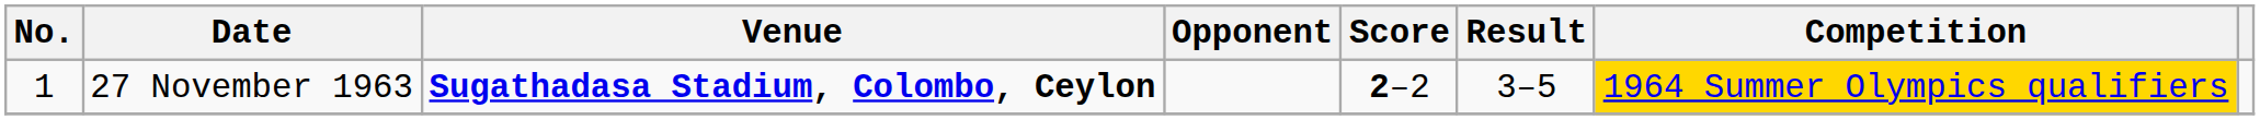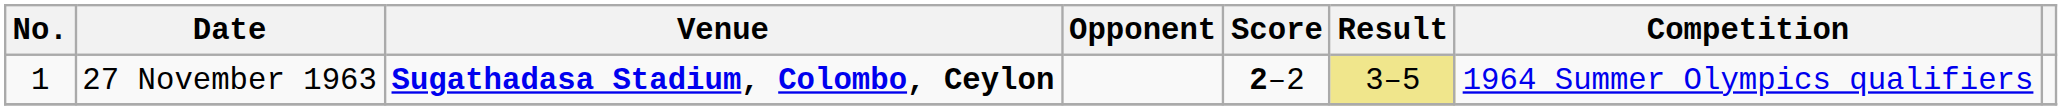 <table class="wikitable plainrowheaders sortable">
 <tr>
 <th scope="col">No.</th>
 <th scope="col">Date</th>
 <th scope="col">Venue</th>
 <th scope="col">Opponent</th>
 <th scope="col">Score</th>
 <th scope="col">Result</th>
 <th scope="col">Competition</th>
 <th scope="col" class="unsortable"></th>
 </tr>
 <tr>
 <td align="center">1</td>
 <td>27 November 1963</td>
 <td><strong><a href='#'>Sugathadasa Stadium</a>, <a href='#'>Colombo</a>, Ceylon</strong></td>
 <td></td>
 <td align="center"><strong>2</strong>–2</td>
-<td align="center">3–5</td>
-<td style="background: gold;"><a href='#'>1964 Summer Olympics qualifiers</a></td>
+<td align="center" style="background: khaki;">3–5</td>
+<td><a href='#'>1964 Summer Olympics qualifiers</a></td>
 <td></td>
 </tr>
 <tr>
 </tr>
 </table>
